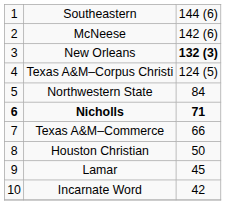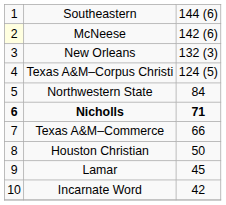 <table class="wikitable">
 <tr align="center">
 <td>1</td>
 <td>Southeastern</td>
 <td>144 (6)</td>
 </tr>
 <tr align="center">
-<td>2</td>
+<td style="background: lightyellow;">2</td>
 <td>McNeese</td>
 <td>142 (6)</td>
 </tr>
 <tr align="center">
 <td>3</td>
 <td>New Orleans</td>
-<td><strong>132 (3)</strong></td>
+<td>132 (3)</td>
 </tr>
 <tr align="center">
 <td>4</td>
 <td>Texas A&M–Corpus Christi</td>
 <td>124 (5)</td>
 </tr>
 <tr align="center">
 <td>5</td>
 <td>Northwestern State</td>
 <td>84</td>
 </tr>
 <tr align="center">
 <td><strong>6</strong></td>
 <td><strong>Nicholls</strong></td>
 <td><strong>71</strong></td>
 </tr>
 <tr align="center">
 <td>7</td>
 <td>Texas A&M–Commerce</td>
 <td>66</td>
 </tr>
 <tr align="center">
 <td>8</td>
 <td>Houston Christian</td>
 <td>50</td>
 </tr>
 <tr align="center">
 <td>9</td>
 <td>Lamar</td>
 <td>45</td>
 </tr>
 <tr align="center">
 <td>10</td>
 <td>Incarnate Word</td>
 <td>42</td>
 </tr>
 <tr align="center">
 </tr>
 </table>
